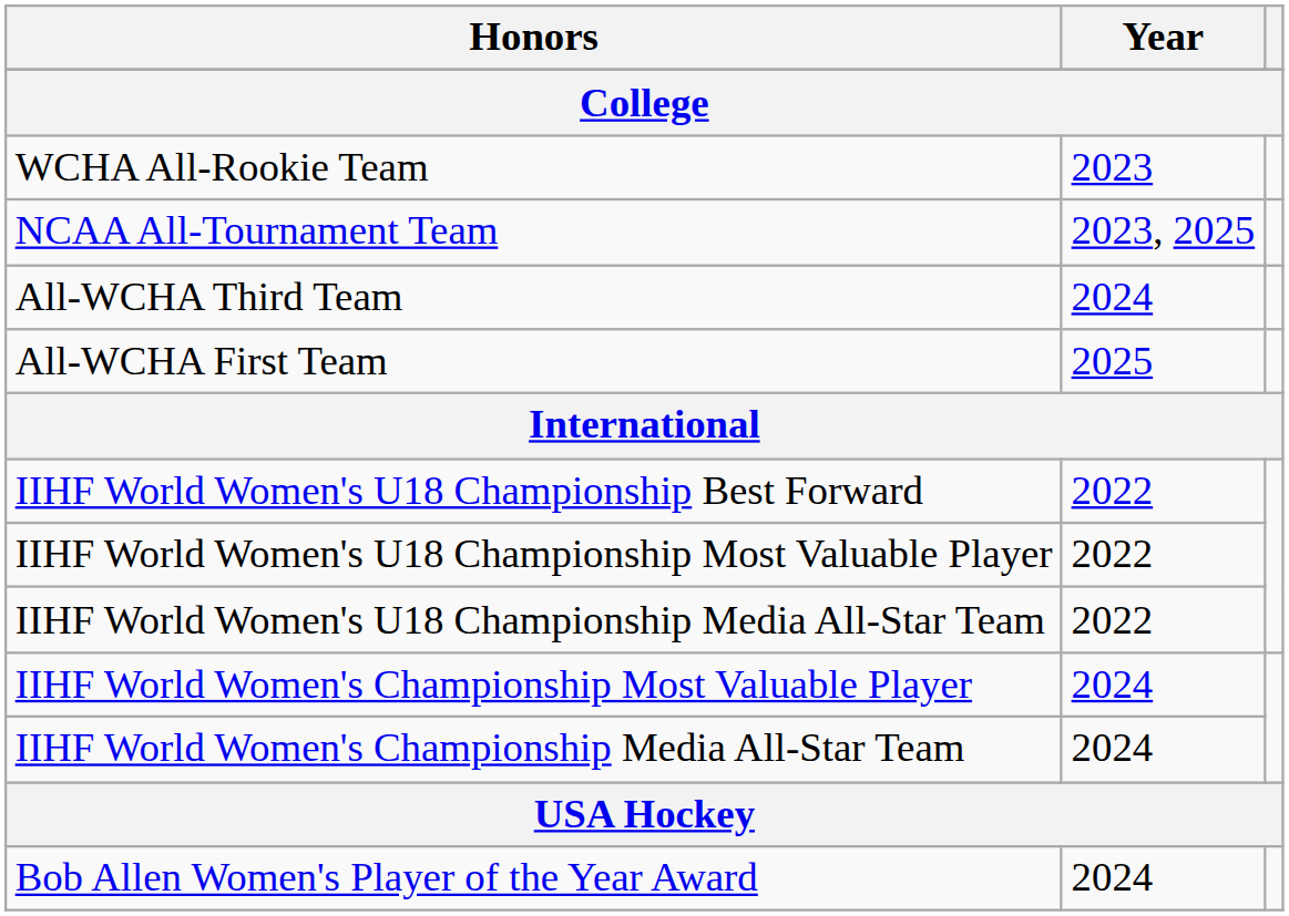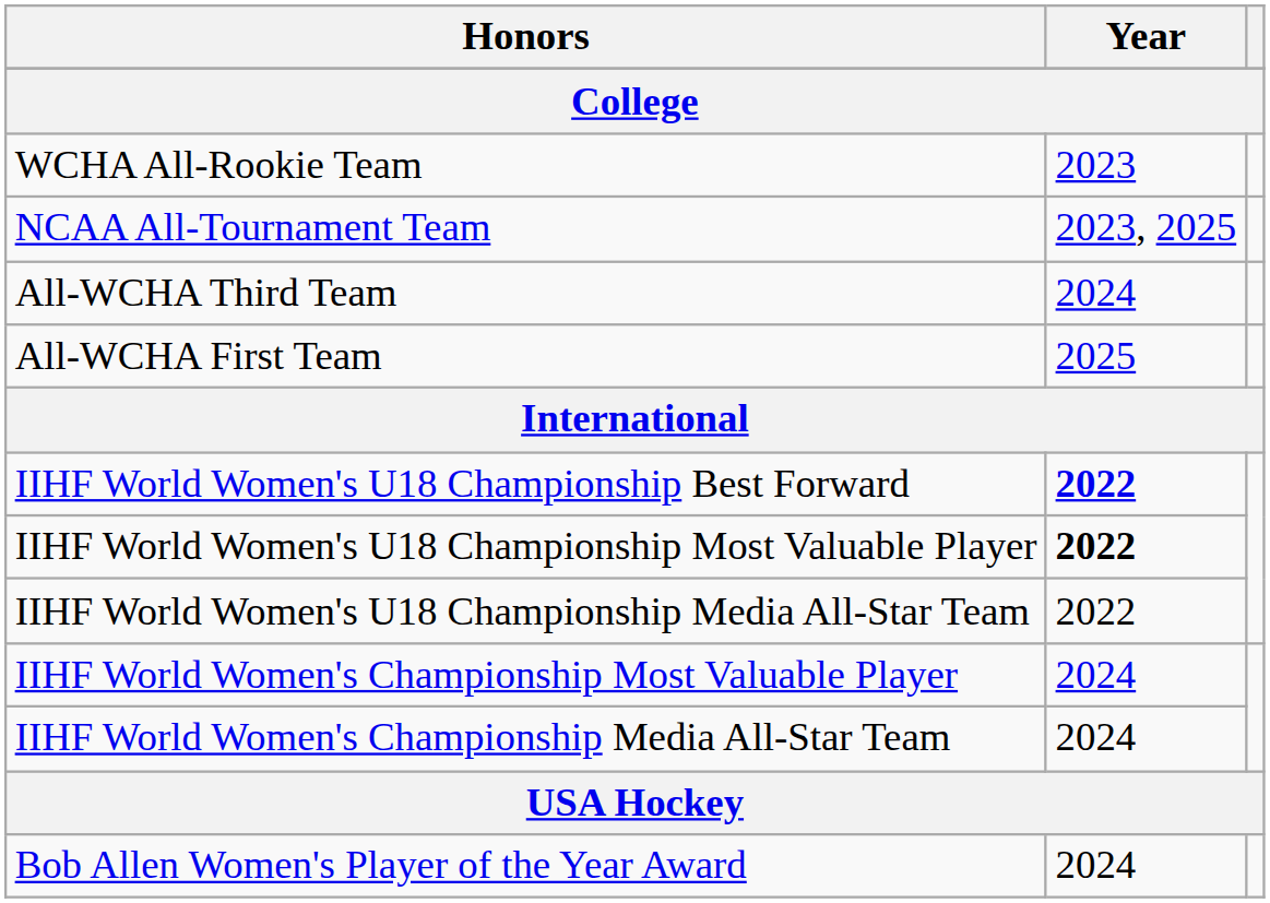 <table class="wikitable">
 <tr>
 <th>Honors</th>
 <th>Year</th>
 <th></th>
 </tr>
 <tr>
 </tr>
 <tr>
 <th colspan="3"><a href='#'>College</a></th>
 </tr>
 <tr>
 <td>WCHA All-Rookie Team</td>
 <td><a href='#'>2023</a></td>
 <td></td>
 </tr>
 <tr>
 <td><a href='#'>NCAA All-Tournament Team</a></td>
 <td><a href='#'>2023</a>, <a href='#'>2025</a></td>
 <td></td>
 </tr>
 <tr>
 <td>All-WCHA Third Team</td>
 <td><a href='#'>2024</a></td>
 <td></td>
 </tr>
 <tr>
 <td>All-WCHA First Team</td>
 <td><a href='#'>2025</a></td>
 <td></td>
 </tr>
 <tr>
 <th colspan="3"><a href='#'>International</a></th>
 </tr>
 <tr>
 <td><a href='#'>IIHF World Women's U18 Championship</a> Best Forward</td>
-<td><a href='#'>2022</a></td>
+<td><strong><a href='#'>2022</a></strong></td>
 <td rowspan="3"></td>
 </tr>
 <tr>
 <td>IIHF World Women's U18 Championship Most Valuable Player</td>
-<td>2022</td>
+<td><strong>2022</strong></td>
 </tr>
 <tr>
 <td>IIHF World Women's U18 Championship Media All-Star Team</td>
 <td>2022</td>
 </tr>
 <tr>
 <td><a href='#'>IIHF World Women's Championship Most Valuable Player</a></td>
 <td><a href='#'>2024</a></td>
 <td rowspan="2"></td>
 </tr>
 <tr>
 <td><a href='#'>IIHF World Women's Championship</a> Media All-Star Team</td>
 <td>2024</td>
 </tr>
 <tr>
 <th colspan="3"><a href='#'>USA Hockey</a></th>
 </tr>
 <tr>
 <td><a href='#'>Bob Allen Women's Player of the Year Award</a></td>
 <td>2024</td>
 <td></td>
 </tr>
 </table>
